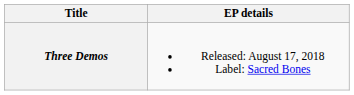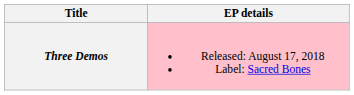 <table class="wikitable plainrowheaders" style="text-align:center;">
 <tr>
 <th scope="col" style="width:12em;">Title</th>
 <th scope="col" style="width:17em;">EP details</th>
 </tr>
 <tr>
 <th scope="row"><em>Three Demos</em></th>
-<td><br><ul><li>Released: August 17, 2018</li><li>Label: <a href='#'>Sacred Bones</a></li></ul></td>
+<td style="background: pink;"><br><ul><li>Released: August 17, 2018</li><li>Label: <a href='#'>Sacred Bones</a></li></ul></td>
 </tr>
 </table>
